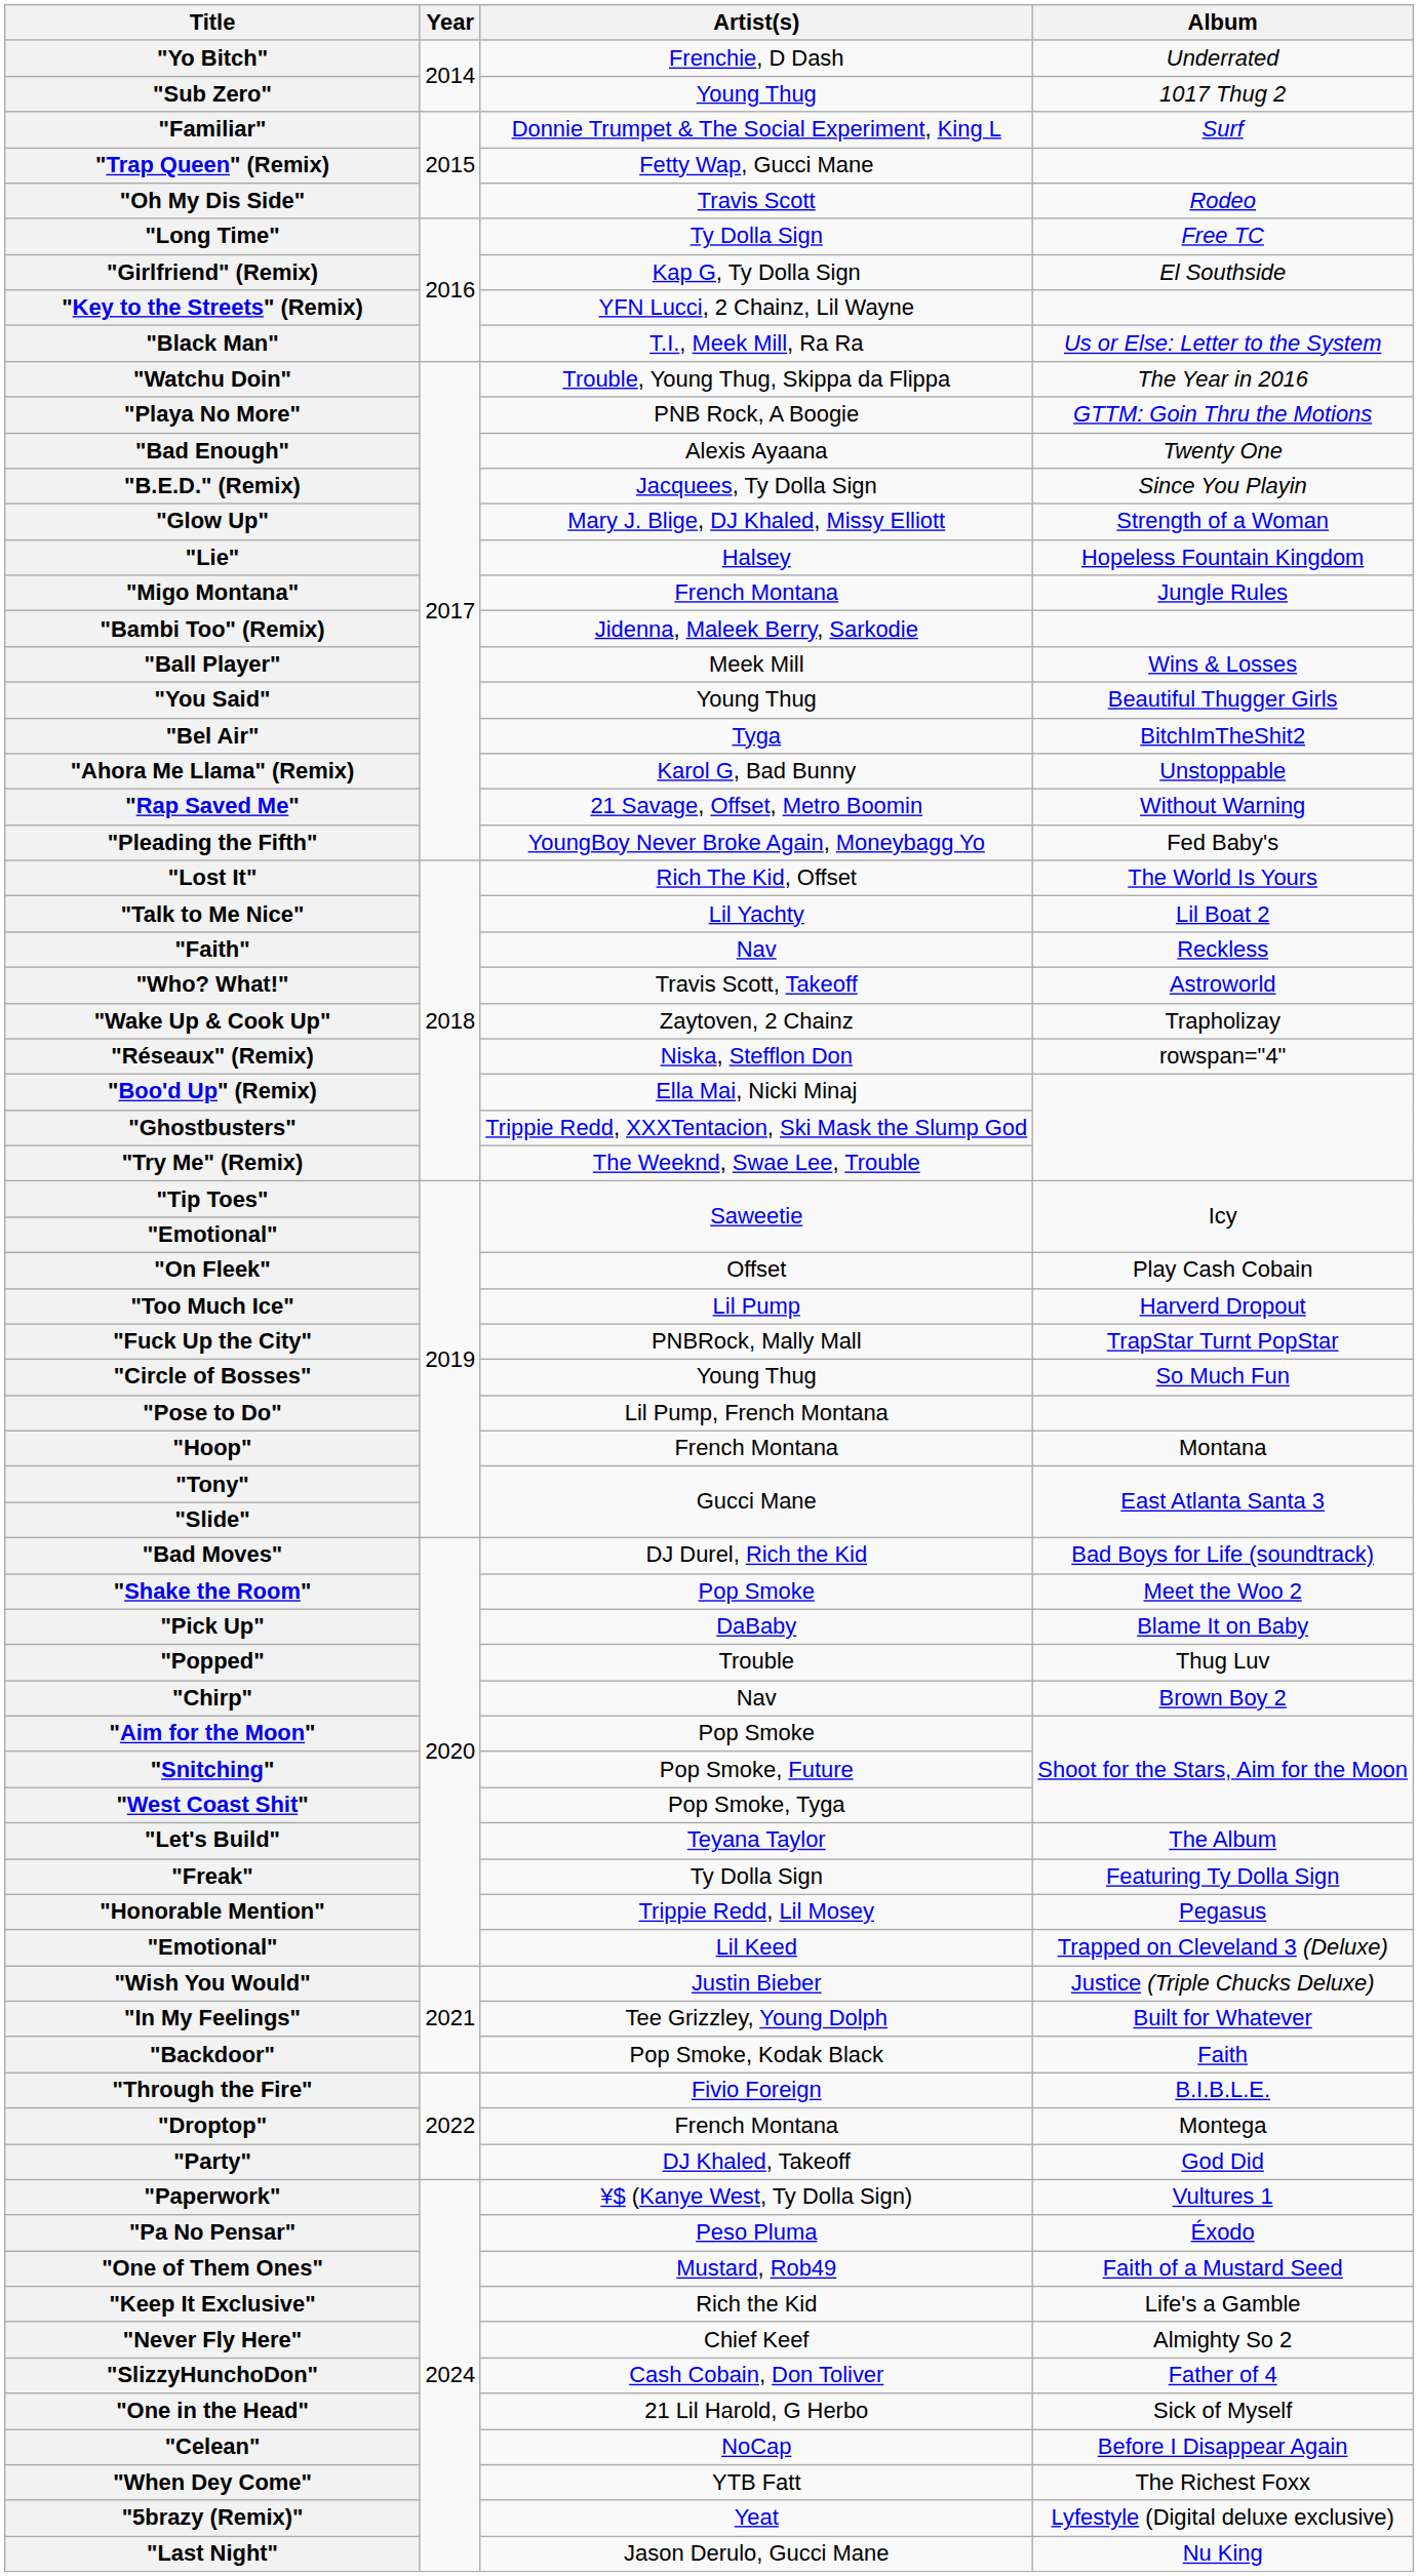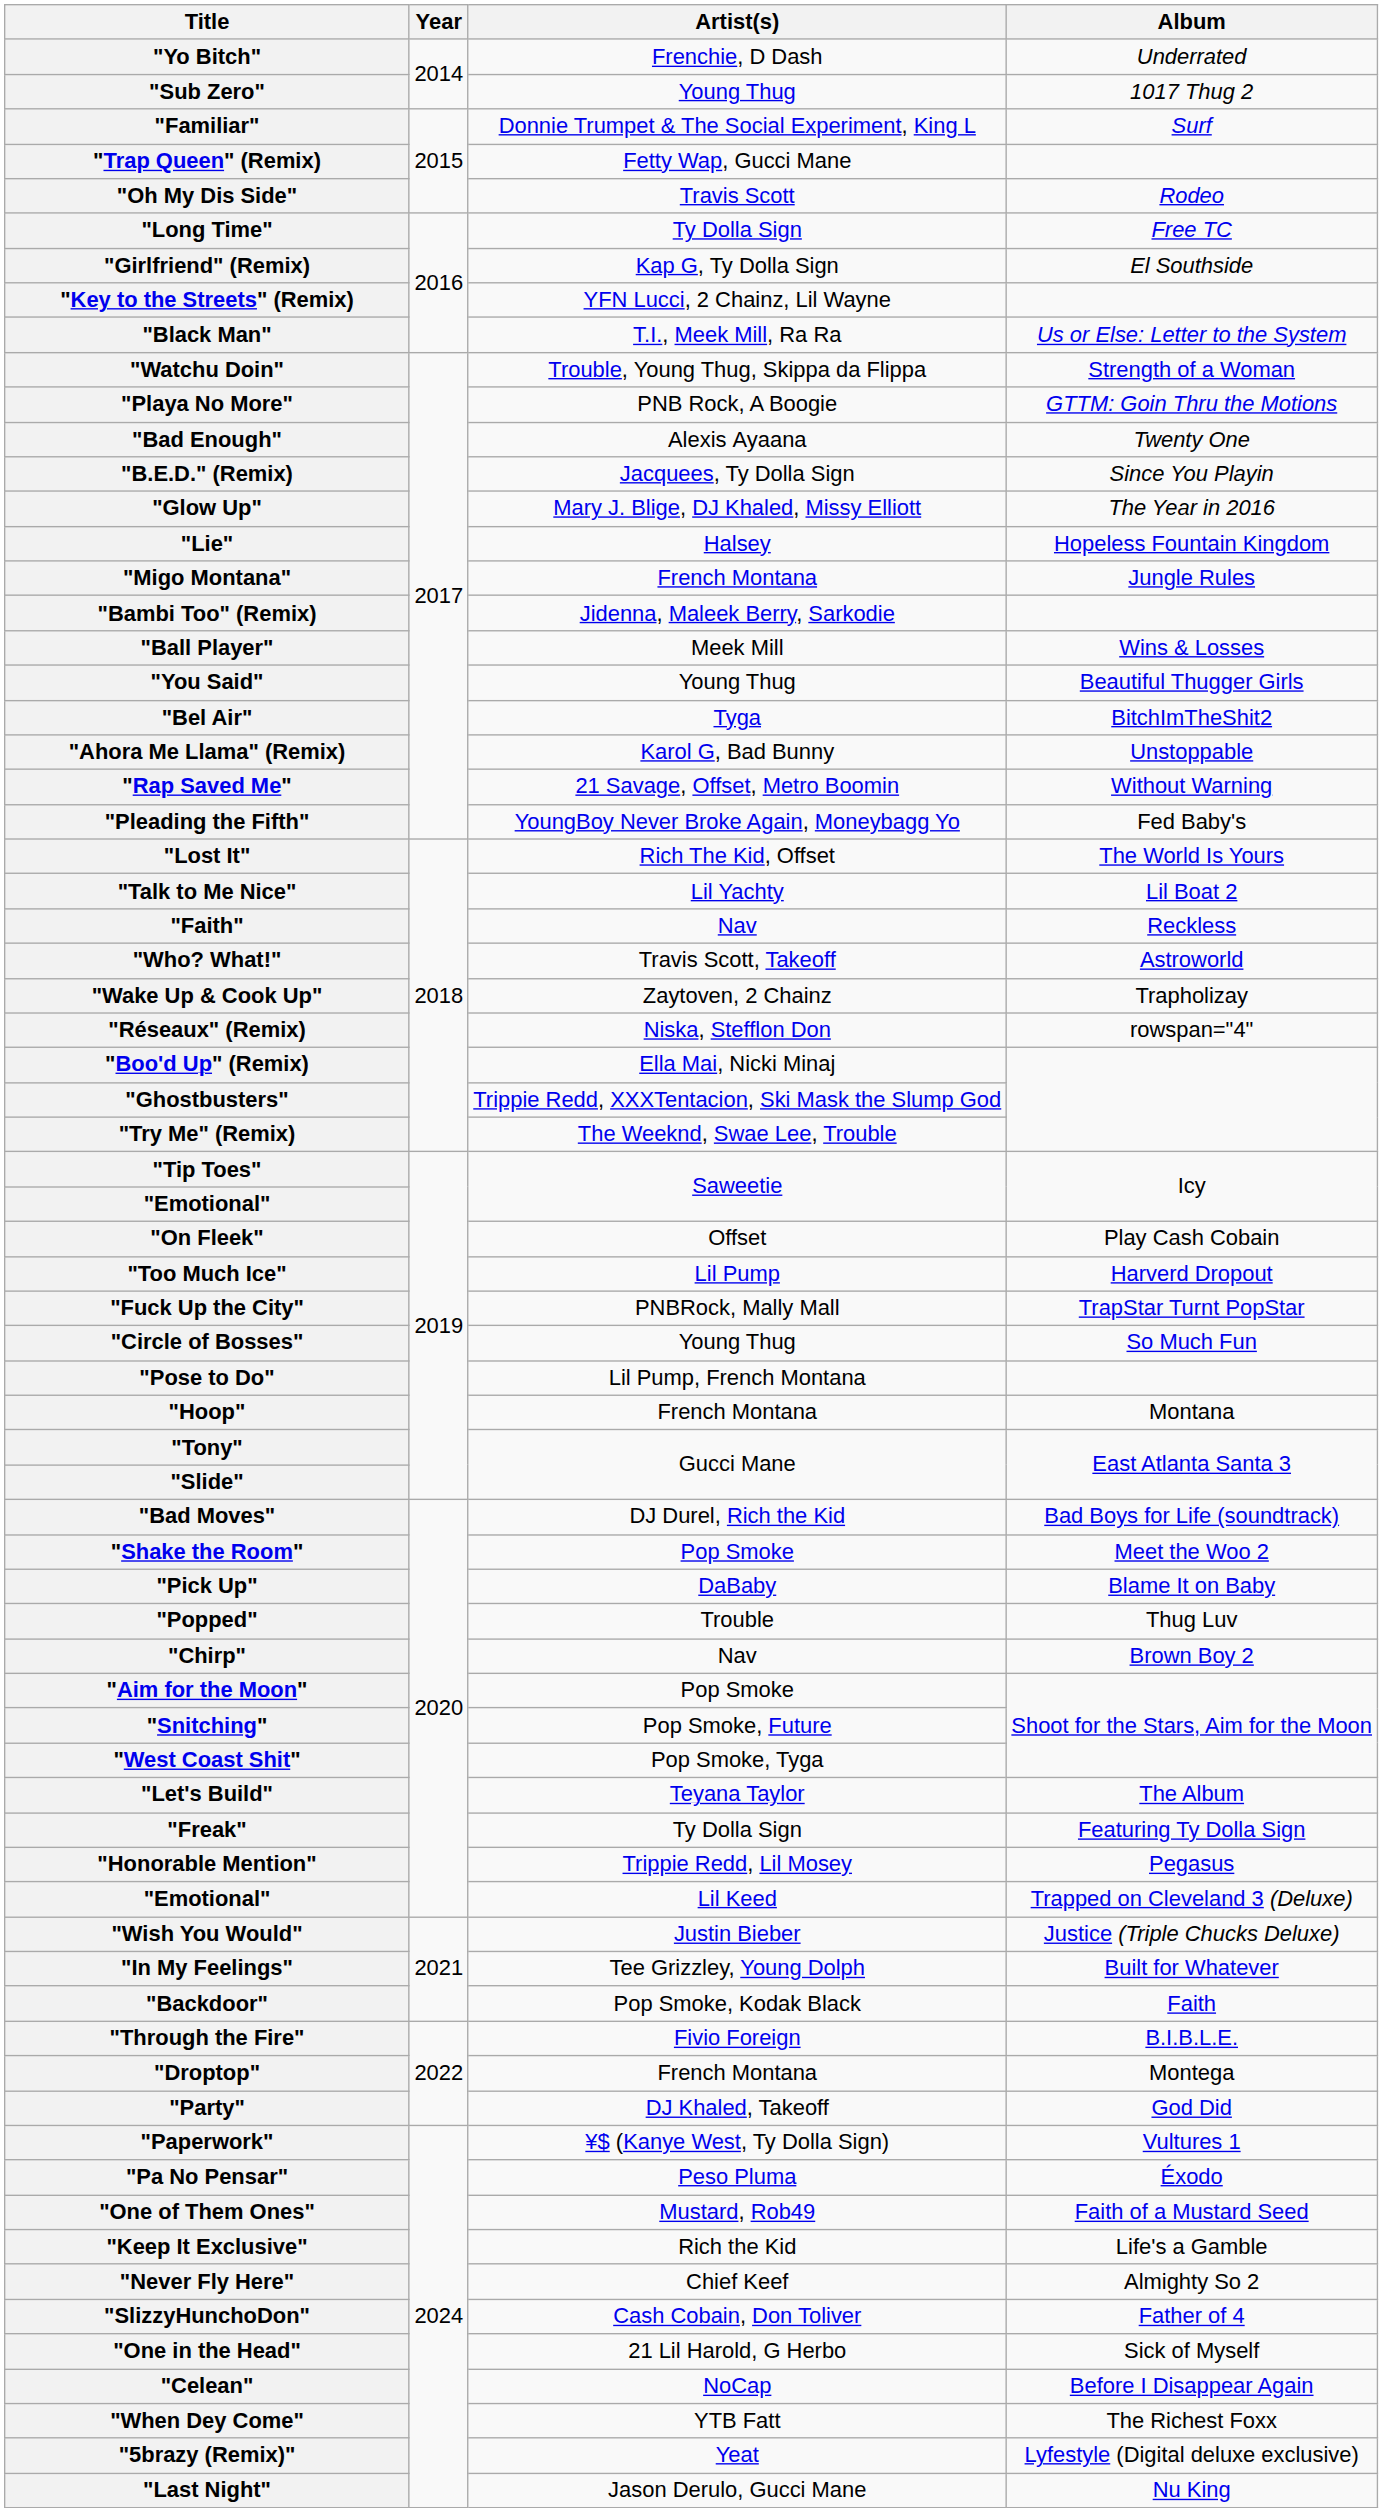 <table class="wikitable plainrowheaders" style="text-align:center;">
 <tr>
 <th scope="col" style="width:18em;">Title</th>
 <th scope="col">Year</th>
 <th scope="col">Artist(s)</th>
 <th scope="col">Album</th>
 </tr>
 <tr>
 <th scope="row">"Yo Bitch"</th>
 <td rowspan="2">2014</td>
 <td><a href='#'>Frenchie</a>, D Dash</td>
 <td><em>Underrated</em></td>
 </tr>
 <tr>
 <th scope="row">"Sub Zero"</th>
 <td><a href='#'>Young Thug</a></td>
 <td><em>1017 Thug 2</em></td>
 </tr>
 <tr>
 <th scope="row">"Familiar"</th>
 <td rowspan="3">2015</td>
 <td><a href='#'>Donnie Trumpet & The Social Experiment</a>, <a href='#'>King L</a></td>
 <td><em><a href='#'>Surf</a></em></td>
 </tr>
 <tr>
 <th scope="row">"<a href='#'>Trap Queen</a>" (Remix)</th>
 <td><a href='#'>Fetty Wap</a>, Gucci Mane</td>
 <td></td>
 </tr>
 <tr>
 <th scope="row">"Oh My Dis Side"</th>
 <td><a href='#'>Travis Scott</a></td>
 <td><em><a href='#'>Rodeo</a></em></td>
 </tr>
 <tr>
 <th scope="row">"Long Time"</th>
 <td rowspan="4">2016</td>
 <td><a href='#'>Ty Dolla Sign</a></td>
 <td><em><a href='#'>Free TC</a></em></td>
 </tr>
 <tr>
 <th scope="row">"Girlfriend" (Remix)</th>
 <td><a href='#'>Kap G</a>, Ty Dolla Sign</td>
 <td><em>El Southside</em></td>
 </tr>
 <tr>
 <th scope="row">"<a href='#'>Key to the Streets</a>" (Remix)</th>
 <td><a href='#'>YFN Lucci</a>, 2 Chainz, Lil Wayne</td>
 <td></td>
 </tr>
 <tr>
 <th scope="row">"Black Man"</th>
 <td><a href='#'>T.I.</a>, <a href='#'>Meek Mill</a>, Ra Ra</td>
 <td><em><a href='#'>Us or Else: Letter to the System</a></em></td>
 </tr>
 <tr>
 <th scope="row">"Watchu Doin"</th>
 <td rowspan="14">2017</td>
 <td><a href='#'>Trouble</a>, Young Thug, Skippa da Flippa</td>
-<td><em>The Year in 2016</em></td>
+<td></em><a href='#'>Strength of a Woman</a><em></td>
 </tr>
 <tr>
 <th scope="row">"Playa No More"</th>
 <td>PNB Rock, A Boogie</td>
 <td><em><a href='#'>GTTM: Goin Thru the Motions</a></em></td>
 </tr>
 <tr>
 <th scope="row">"Bad Enough"</th>
 <td>Alexis Ayaana</td>
 <td><em>Twenty One</em></td>
 </tr>
 <tr>
 <th scope="row">"B.E.D." (Remix)</th>
 <td><a href='#'>Jacquees</a>, Ty Dolla Sign</td>
 <td><em>Since You Playin<strong></td>
 </tr>
 <tr>
 <th scope="row">"Glow Up"</th>
 <td><a href='#'>Mary J. Blige</a>, <a href='#'>DJ Khaled</a>, <a href='#'>Missy Elliott</a></td>
-<td></em><a href='#'>Strength of a Woman</a><em></td>
+<td><em>The Year in 2016</em></td>
 </tr>
 <tr>
 <th scope="row">"Lie"</th>
 <td><a href='#'>Halsey</a></td>
 <td></em><a href='#'>Hopeless Fountain Kingdom</a><em></td>
 </tr>
 <tr>
 <th scope="row">"Migo Montana"</th>
 <td><a href='#'>French Montana</a></td>
 <td></em><a href='#'>Jungle Rules</a><em></td>
 </tr>
 <tr>
 <th scope="row">"Bambi Too" (Remix)</th>
 <td><a href='#'>Jidenna</a>, <a href='#'>Maleek Berry</a>, <a href='#'>Sarkodie</a></td>
 <td></td>
 </tr>
 <tr>
 <th scope="row">"Ball Player"</th>
 <td>Meek Mill</td>
 <td></em><a href='#'>Wins & Losses</a><em></td>
 </tr>
 <tr>
 <th scope="row">"You Said"</th>
 <td>Young Thug</td>
 <td></em><a href='#'>Beautiful Thugger Girls</a><em></td>
 </tr>
 <tr>
 <th scope="row">"Bel Air"</th>
 <td><a href='#'>Tyga</a></td>
 <td></em><a href='#'>BitchImTheShit2</a><em></td>
 </tr>
 <tr>
 <th scope="row">"Ahora Me Llama" (Remix)</th>
 <td><a href='#'>Karol G</a>, Bad Bunny</td>
 <td></em><a href='#'>Unstoppable</a><em></td>
 </tr>
 <tr>
 <th scope="row">"<a href='#'>Rap Saved Me</a>"</th>
 <td><a href='#'>21 Savage</a>, <a href='#'>Offset</a>, <a href='#'>Metro Boomin</a></td>
 <td></em><a href='#'>Without Warning</a><em></td>
 </tr>
 <tr>
 <th scope="row">"Pleading the Fifth"</th>
 <td><a href='#'>YoungBoy Never Broke Again</a>, <a href='#'>Moneybagg Yo</a></td>
 <td></em>Fed Baby's<em></td>
 </tr>
 <tr>
 <th scope="row">"Lost It"</th>
 <td rowspan="9">2018</td>
 <td><a href='#'>Rich The Kid</a>, Offset</td>
 <td></em><a href='#'>The World Is Yours</a><em></td>
 </tr>
 <tr>
 <th scope="row">"Talk to Me Nice"</th>
 <td><a href='#'>Lil Yachty</a></td>
 <td></em><a href='#'>Lil Boat 2</a><em></td>
 </tr>
 <tr>
 <th scope="row">"Faith"</th>
 <td><a href='#'>Nav</a></td>
 <td></em><a href='#'>Reckless</a><em></td>
 </tr>
 <tr>
 <th scope="row">"Who? What!"</th>
 <td>Travis Scott, <a href='#'>Takeoff</a></td>
 <td></em><a href='#'>Astroworld</a><em></td>
 </tr>
 <tr>
 <th scope="row">"Wake Up & Cook Up"</th>
 <td>Zaytoven, 2 Chainz</td>
 <td></em>Trapholizay<em></td>
 </tr>
 <tr>
 <th scope="row">"Réseaux" (Remix)</th>
 <td><a href='#'>Niska</a>, <a href='#'>Stefflon Don</a></td>
 <td>rowspan="4" </td>
 </tr>
 <tr>
 <th scope="row">"<a href='#'>Boo'd Up</a>" (Remix)</th>
 <td><a href='#'>Ella Mai</a>, Nicki Minaj</td>
 </tr>
 <tr>
 <th scope="row">"Ghostbusters"</th>
 <td><a href='#'>Trippie Redd</a>, <a href='#'>XXXTentacion</a>, <a href='#'>Ski Mask the Slump God</a></td>
 </tr>
 <tr>
 <th scope="row">"Try Me" (Remix)</th>
 <td><a href='#'>The Weeknd</a>, <a href='#'>Swae Lee</a>, <a href='#'>Trouble</a></td>
 </tr>
 <tr>
 <th scope="row">"Tip Toes"</th>
 <td rowspan="10">2019</td>
 <td rowspan="2"><a href='#'>Saweetie</a></td>
 <td rowspan="2"></em>Icy<em></td>
 </tr>
 <tr>
 <th scope="row">"Emotional"</th>
 </tr>
 <tr>
 <th scope="row">"On Fleek"</th>
 <td>Offset</td>
 <td></em>Play Cash Cobain<em></td>
 </tr>
 <tr>
 <th scope="row">"Too Much Ice"</th>
 <td><a href='#'>Lil Pump</a></td>
 <td></em><a href='#'>Harverd Dropout</a><em></td>
 </tr>
 <tr>
 <th scope="row">"Fuck Up the City"</th>
 <td>PNBRock, Mally Mall</td>
 <td></em><a href='#'>TrapStar Turnt PopStar</a><em></td>
 </tr>
 <tr>
 <th scope="row">"Circle of Bosses"</th>
 <td>Young Thug</td>
 <td></em><a href='#'>So Much Fun</a><em></td>
 </tr>
 <tr>
 <th scope="row">"Pose to Do"</th>
 <td>Lil Pump, French Montana</td>
 <td></td>
 </tr>
 <tr>
 <th scope="row">"Hoop"</th>
 <td>French Montana</td>
 <td></em>Montana<em></td>
 </tr>
 <tr>
 <th scope="row">"Tony"</th>
 <td rowspan="2">Gucci Mane</td>
 <td rowspan="2"></em><a href='#'>East Atlanta Santa 3</a><em></td>
 </tr>
 <tr>
 <th scope="row">"Slide"</th>
 </tr>
 <tr>
 <th scope="row">"Bad Moves"</th>
 <td rowspan="12">2020</td>
 <td>DJ Durel, <a href='#'>Rich the Kid</a></td>
 <td></em><a href='#'>Bad Boys for Life (soundtrack)</a><em></td>
 </tr>
 <tr>
 <th scope="row">"<a href='#'>Shake the Room</a>"</th>
 <td><a href='#'>Pop Smoke</a></td>
 <td></em><a href='#'>Meet the Woo 2</a><em></td>
 </tr>
 <tr>
 <th scope="row">"Pick Up"</th>
 <td><a href='#'>DaBaby</a></td>
 <td></em><a href='#'>Blame It on Baby</a><em></td>
 </tr>
 <tr>
 <th scope="row">"Popped"</th>
 <td>Trouble</td>
 <td></em>Thug Luv<em></td>
 </tr>
 <tr>
 <th scope="row">"Chirp"</th>
 <td>Nav</td>
 <td></em><a href='#'>Brown Boy 2</a><em></td>
 </tr>
 <tr>
 <th scope="row">"<a href='#'>Aim for the Moon</a>"</th>
 <td>Pop Smoke</td>
 <td rowspan="3"></em><a href='#'>Shoot for the Stars, Aim for the Moon</a><em></td>
 </tr>
 <tr>
 <th scope="row">"<a href='#'>Snitching</a>"</th>
 <td>Pop Smoke, <a href='#'>Future</a></td>
 </tr>
 <tr>
 <th scope="row">"<a href='#'>West Coast Shit</a>"</th>
 <td>Pop Smoke, Tyga</td>
 </tr>
 <tr>
 <th scope="row">"Let's Build"</th>
 <td><a href='#'>Teyana Taylor</a></td>
 <td></em><a href='#'>The Album</a><em></td>
 </tr>
 <tr>
 <th scope="row">"Freak"</th>
 <td>Ty Dolla Sign</td>
 <td></em><a href='#'>Featuring Ty Dolla Sign</a><em></td>
 </tr>
 <tr>
 <th scope="row">"Honorable Mention"</th>
 <td><a href='#'>Trippie Redd</a>, <a href='#'>Lil Mosey</a></td>
 <td></em><a href='#'>Pegasus</a><em></td>
 </tr>
 <tr>
 <th scope="row">"Emotional"</th>
 <td><a href='#'>Lil Keed</a></td>
 <td></em><a href='#'>Trapped on Cleveland 3</a><em> (Deluxe)</td>
 </tr>
 <tr>
 <th scope="row">"Wish You Would"</th>
 <td rowspan="3">2021</td>
 <td><a href='#'>Justin Bieber</a></td>
 <td></em><a href='#'>Justice</a><em> (Triple Chucks Deluxe)</td>
 </tr>
 <tr>
 <th scope="row">"In My Feelings"</th>
 <td>Tee Grizzley, <a href='#'>Young Dolph</a></td>
 <td></em><a href='#'>Built for Whatever</a><em></td>
 </tr>
 <tr>
 <th scope="row">"Backdoor"</th>
 <td>Pop Smoke, Kodak Black</td>
 <td></em><a href='#'>Faith</a><em></td>
 </tr>
 <tr>
 <th scope="Row">"Through the Fire"</th>
 <td rowspan="3">2022</td>
 <td><a href='#'>Fivio Foreign</a></td>
 <td></em><a href='#'>B.I.B.L.E.</a><em></td>
 </tr>
 <tr>
 <th scope="row">"Droptop"</th>
 <td>French Montana</td>
 <td></em>Montega<em></td>
 </tr>
 <tr>
 <th scope="row">"Party"</th>
 <td><a href='#'>DJ Khaled</a>, Takeoff</td>
 <td></em><a href='#'>God Did</a><em></td>
 </tr>
 <tr>
 <th scope="row">"Paperwork"</th>
 <td rowspan="11">2024</td>
 <td><a href='#'>¥$</a> (<a href='#'>Kanye West</a>, Ty Dolla Sign)</td>
 <td></em><a href='#'>Vultures 1</a><em></td>
 </tr>
 <tr>
 <th scope="row">"Pa No Pensar"</th>
 <td><a href='#'>Peso Pluma</a></td>
 <td></em><a href='#'>Éxodo</a><em></td>
 </tr>
 <tr>
 <th scope="row">"One of Them Ones"</th>
 <td><a href='#'>Mustard</a>, <a href='#'>Rob49</a></td>
 <td></em><a href='#'>Faith of a Mustard Seed</a><em></td>
 </tr>
 <tr>
 <th scope="row">"Keep It Exclusive"</th>
 <td>Rich the Kid</td>
 <td></em>Life's a Gamble<em></td>
 </tr>
 <tr>
 <th scope="row">"Never Fly Here"</th>
 <td>Chief Keef</td>
 <td></em>Almighty So 2<em></td>
 </tr>
 <tr>
 <th scope="row">"SlizzyHunchoDon"</th>
 <td><a href='#'>Cash Cobain</a>, <a href='#'>Don Toliver</a></td>
 <td></em><a href='#'>Father of 4</a><em></td>
 </tr>
 <tr>
 <th scope="row">"One in the Head"</th>
 <td>21 Lil Harold, G Herbo</td>
 <td></em>Sick of Myself<em></td>
 </tr>
 <tr>
 <th scope="row">"Celean"</th>
 <td><a href='#'>NoCap</a></td>
 <td></em><a href='#'>Before I Disappear Again</a><em></td>
 </tr>
 <tr>
 <th scope="row">"When Dey Come"</th>
 <td>YTB Fatt</td>
 <td></em>The Richest Foxx<em></td>
 </tr>
 <tr>
 <th scope="row">"5brazy (Remix)"</th>
 <td></em><a href='#'>Yeat</a><em></td>
 <td></em><a href='#'>Lyfestyle</a> (Digital deluxe exclusive)<em></td>
 </tr>
 <tr>
 <th scope="row">"Last Night"</th>
 <td>Jason Derulo, Gucci Mane</td>
 <td></em><a href='#'>Nu King</a><em></td>
 </tr>
 </table>
